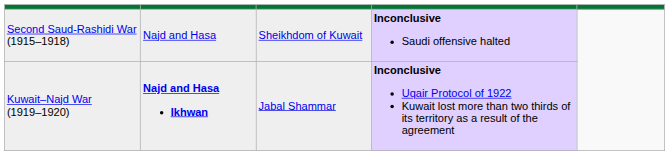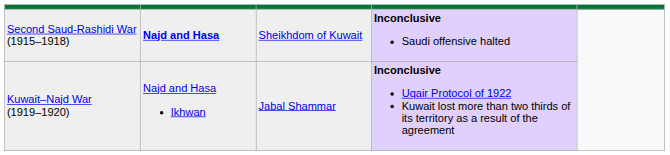 <table class="wikitable">
 <tr>
 <th style="background:#007733" width="190"></th>
 <th style="background:#007733" width="160"></th>
 <th style="background:#007733" width="160"></th>
 <th style="background:#007733" width="290"></th>
 <th style="background:#007733" width="120"></th>
 </tr>
 <tr>
 <td style="background:#efefef"><a href='#'>Second Saud-Rashidi War</a><br>(1915–1918)</td>
-<td style="background:#efefef"> <a href='#'>Najd and Hasa</a></td>
+<td style="background:#efefef"><strong> <a href='#'>Najd and Hasa</a></strong></td>
 <td style="background:#efefef"> <a href='#'>Sheikhdom of Kuwait</a></td>
 <td style="background:#E0D0FF"><strong>Inconclusive</strong><br><ul><li>Saudi offensive halted</li></ul></td>
 <td rowspan="2"></td>
 </tr>
 <tr>
 <td style="background:#efefef"><a href='#'>Kuwait–Najd War</a><br>(1919–1920)</td>
-<td style="background:#efefef"><strong> <a href='#'>Najd and Hasa</a><br><ul><li> <a href='#'>Ikhwan</a></li></ul></strong></td>
+<td style="background:#efefef"> <a href='#'>Najd and Hasa</a><br><ul><li> <a href='#'>Ikhwan</a></li></ul></td>
 <td style="background:#efefef"> <a href='#'>Jabal Shammar</a></td>
 <td style="background:#E0D0FF"><strong>Inconclusive</strong><br><ul><li><a href='#'>Uqair Protocol of 1922</a></li><li>Kuwait lost more than two thirds of its territory as a result of the agreement</li></ul></td>
 </tr>
 </table>
